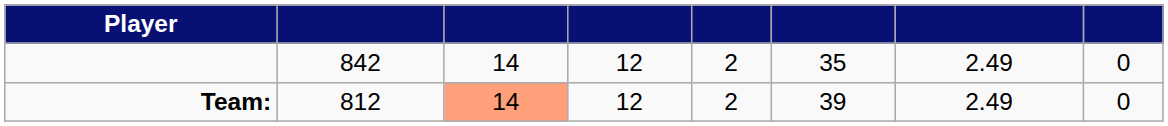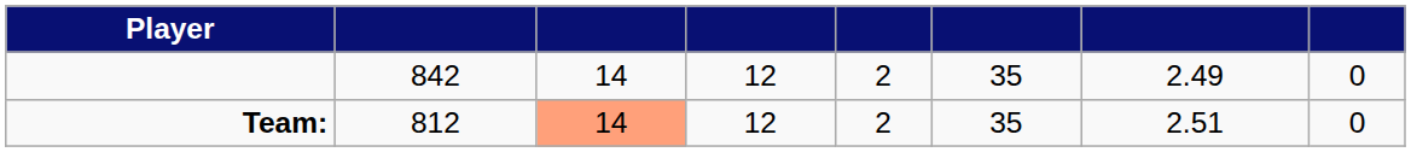 <table class="wikitable sortable" style="width:60%; text-align:center;">
 <tr>
 <th style="color:white; background:#081073; ">Player</th>
 <th style="color:white; background:#081073; "></th>
 <th style="color:white; background:#081073; "></th>
 <th style="color:white; background:#081073; "></th>
 <th style="color:white; background:#081073; "></th>
 <th style="color:white; background:#081073; "></th>
 <th style="color:white; background:#081073; "></th>
 <th style="color:white; background:#081073; "></th>
 </tr>
 <tr align="center">
 <td align="right"></td>
 <td>842</td>
 <td>14</td>
 <td>12</td>
 <td>2</td>
 <td>35</td>
 <td>2.49</td>
 <td>0</td>
 </tr>
 <tr align="center">
 <td align="right"><strong>Team:</strong></td>
 <td>812</td>
 <td style="background: lightsalmon;">14</td>
 <td>12</td>
 <td>2</td>
-<td>39</td>
-<td>2.49</td>
+<td>35</td>
+<td>2.51</td>
 <td>0</td>
 </tr>
 </table>
